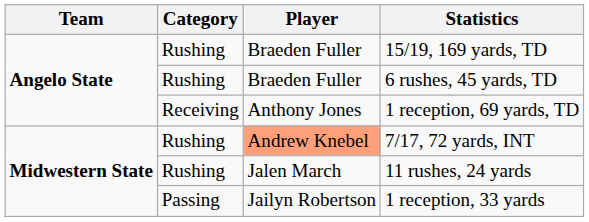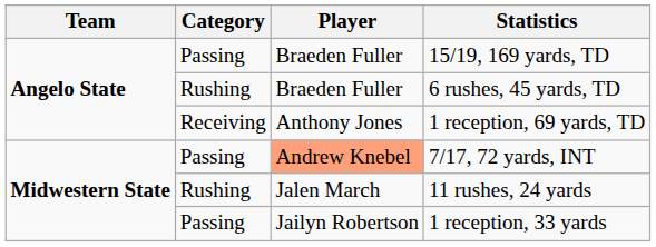 <table class="wikitable" style="float: right;">
 <tr>
 <th>Team</th>
 <th>Category</th>
 <th>Player</th>
 <th>Statistics</th>
 </tr>
 <tr>
 <td rowspan=3><strong>Angelo State</strong></td>
-<td>Rushing</td>
+<td>Passing</td>
 <td>Braeden Fuller</td>
 <td>15/19, 169 yards, TD</td>
 </tr>
 <tr>
 <td>Rushing</td>
 <td>Braeden Fuller</td>
 <td>6 rushes, 45 yards, TD</td>
 </tr>
 <tr>
 <td>Receiving</td>
 <td>Anthony Jones</td>
 <td>1 reception, 69 yards, TD</td>
 </tr>
 <tr>
 <td rowspan=3><strong>Midwestern State</strong></td>
-<td>Rushing</td>
+<td>Passing</td>
 <td style="background: lightsalmon;">Andrew Knebel</td>
 <td>7/17, 72 yards, INT</td>
 </tr>
 <tr>
 <td>Rushing</td>
 <td>Jalen March</td>
 <td>11 rushes, 24 yards</td>
 </tr>
 <tr>
 <td>Passing</td>
 <td>Jailyn Robertson</td>
 <td>1 reception, 33 yards</td>
 </tr>
 </table>
